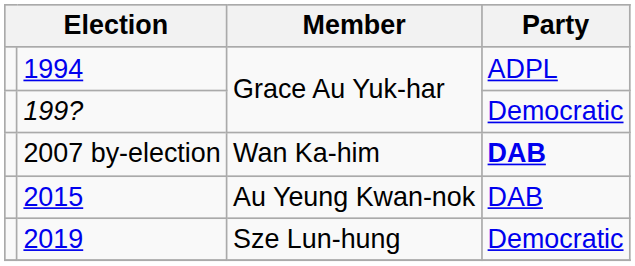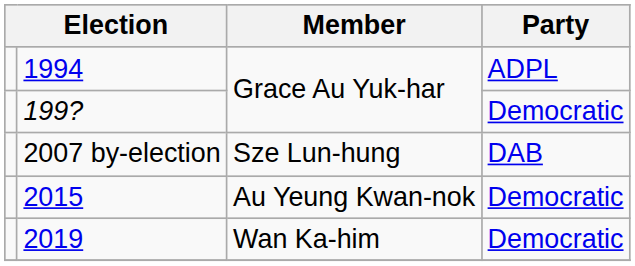 <table class="wikitable">
 <tr>
 <th colspan="2">Election</th>
 <th>Member</th>
 <th>Party</th>
 </tr>
 <tr>
 <td style="background-color:"></td>
 <td><a href='#'>1994</a></td>
 <td rowspan=2>Grace Au Yuk-har</td>
 <td><a href='#'>ADPL</a></td>
 </tr>
 <tr>
 <td style="background-color:"></td>
 <td><em>199?</em></td>
 <td><a href='#'>Democratic</a></td>
 </tr>
 <tr>
 <td style="background-color:"></td>
 <td>2007 by-election</td>
-<td>Wan Ka-him</td>
-<td><strong><a href='#'>DAB</a></strong></td>
+<td>Sze Lun-hung</td>
+<td><a href='#'>DAB</a></td>
 </tr>
 <tr>
 <td style="background-color:"></td>
 <td><a href='#'>2015</a></td>
 <td>Au Yeung Kwan-nok</td>
-<td><a href='#'>DAB</a></td>
+<td><a href='#'>Democratic</a></td>
 </tr>
 <tr>
 <td style="background-color:"></td>
 <td><a href='#'>2019</a></td>
-<td>Sze Lun-hung</td>
+<td>Wan Ka-him</td>
 <td><a href='#'>Democratic</a></td>
 </tr>
 <tr>
 </tr>
 </table>
